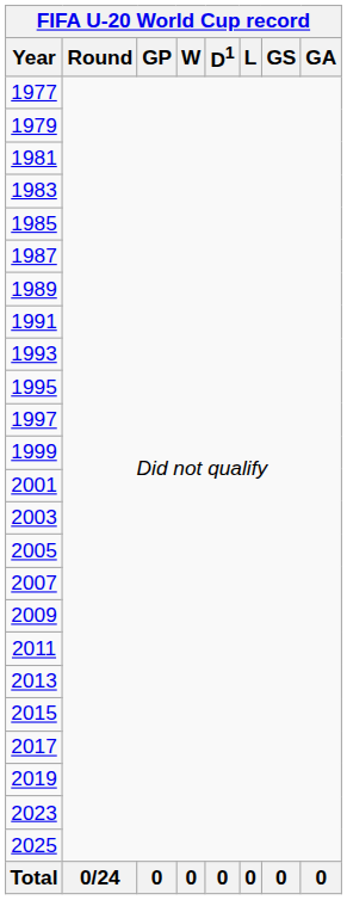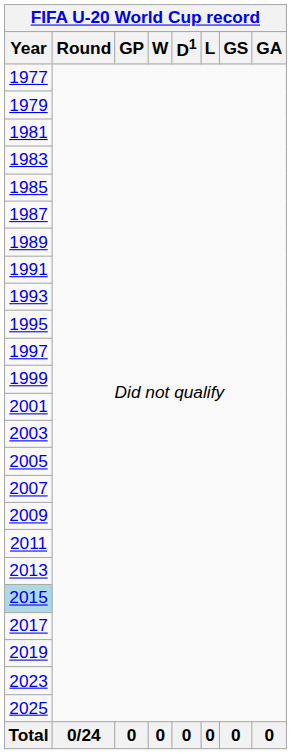 <table class="wikitable" style="text-align: center;">
 <tr>
 <th colspan=8><a href='#'>FIFA U-20 World Cup record</a></th>
 </tr>
 <tr>
 <th>Year</th>
 <th>Round</th>
 <th>GP</th>
 <th>W</th>
 <th>D<sup>1</sup></th>
 <th>L</th>
 <th>GS</th>
 <th>GA</th>
 </tr>
 <tr>
 <td> <a href='#'>1977</a></td>
 <td colspan=7 rowspan=24><em>Did not qualify</em></td>
 </tr>
 <tr>
 <td> <a href='#'>1979</a></td>
 </tr>
 <tr>
 <td> <a href='#'>1981</a></td>
 </tr>
 <tr>
 <td> <a href='#'>1983</a></td>
 </tr>
 <tr>
 <td> <a href='#'>1985</a></td>
 </tr>
 <tr>
 <td> <a href='#'>1987</a></td>
 </tr>
 <tr>
 <td> <a href='#'>1989</a></td>
 </tr>
 <tr>
 <td> <a href='#'>1991</a></td>
 </tr>
 <tr>
 <td> <a href='#'>1993</a></td>
 </tr>
 <tr>
 <td> <a href='#'>1995</a></td>
 </tr>
 <tr>
 <td> <a href='#'>1997</a></td>
 </tr>
 <tr>
 <td> <a href='#'>1999</a></td>
 </tr>
 <tr>
 <td> <a href='#'>2001</a></td>
 </tr>
 <tr>
 <td> <a href='#'>2003</a></td>
 </tr>
 <tr>
 <td> <a href='#'>2005</a></td>
 </tr>
 <tr>
 <td> <a href='#'>2007</a></td>
 </tr>
 <tr>
 <td> <a href='#'>2009</a></td>
 </tr>
 <tr>
 <td> <a href='#'>2011</a></td>
 </tr>
 <tr>
 <td> <a href='#'>2013</a></td>
 </tr>
 <tr>
-<td> <a href='#'>2015</a></td>
+<td style="background: lightblue;"> <a href='#'>2015</a></td>
 </tr>
 <tr>
 <td> <a href='#'>2017</a></td>
 </tr>
 <tr>
 <td> <a href='#'>2019</a></td>
 </tr>
 <tr>
 <td> <a href='#'>2023</a></td>
 </tr>
 <tr>
 <td> <a href='#'>2025</a></td>
 </tr>
 <tr>
 <th><strong>Total</strong></th>
 <th>0/24</th>
 <th>0</th>
 <th>0</th>
 <th>0</th>
 <th>0</th>
 <th>0</th>
 <th>0</th>
 </tr>
 </table>
